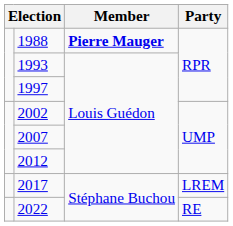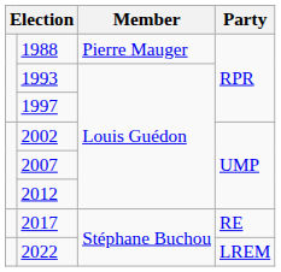 <table class="wikitable">
 <tr>
 <th colspan=2>Election</th>
 <th>Member</th>
 <th>Party</th>
 </tr>
 <tr>
 <td rowspan="3" style="background-color: "></td>
 <td><a href='#'>1988</a></td>
-<td><strong><a href='#'>Pierre Mauger</a></strong></td>
+<td><a href='#'>Pierre Mauger</a></td>
 <td rowspan="3"><a href='#'>RPR</a></td>
 </tr>
 <tr>
 <td><a href='#'>1993</a></td>
 <td rowspan="5"><a href='#'>Louis Guédon</a></td>
 </tr>
 <tr>
 <td><a href='#'>1997</a></td>
 </tr>
 <tr>
 <td rowspan="3" style="background-color: "></td>
 <td><a href='#'>2002</a></td>
 <td rowspan="3"><a href='#'>UMP</a></td>
 </tr>
 <tr>
 <td><a href='#'>2007</a></td>
 </tr>
 <tr>
 <td><a href='#'>2012</a></td>
 </tr>
 <tr>
 <td style="background-color: "></td>
 <td><a href='#'>2017</a></td>
 <td rowspan="2"><a href='#'>Stéphane Buchou</a></td>
-<td><a href='#'>LREM</a></td>
+<td><a href='#'>RE</a></td>
 </tr>
 <tr>
 <td style="background-color: "></td>
 <td><a href='#'>2022</a></td>
-<td><a href='#'>RE</a></td>
+<td><a href='#'>LREM</a></td>
 </tr>
 </table>
